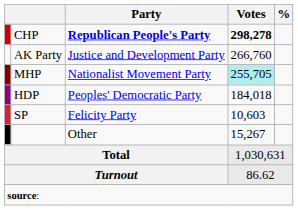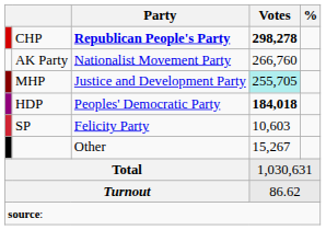 <table class="wikitable">
 <tr>
 <th colspan="2" align="center"></th>
 <th align="center">Party</th>
 <th align="center">Votes</th>
 <th align="center">%</th>
 </tr>
 <tr align="left">
 <td bgcolor="#d50000" width="1"></td>
 <td>CHP</td>
 <td><strong><a href='#'>Republican People's Party</a></strong></td>
 <td><strong>298,278</strong></td>
 <td><strong></strong></td>
 </tr>
 <tr align="left">
 <td></td>
 <td>AK Party</td>
-<td><a href='#'>Justice and Development Party</a></td>
+<td><a href='#'>Nationalist Movement Party</a></td>
 <td>266,760</td>
 <td></td>
 </tr>
 <tr align="left">
 <td bgcolor="#870000" width="1"></td>
 <td>MHP</td>
-<td><a href='#'>Nationalist Movement Party</a></td>
+<td><a href='#'>Justice and Development Party</a></td>
 <td style="background: paleturquoise;">255,705</td>
 <td></td>
 </tr>
 <tr align="left">
 <td bgcolor="#91007B" width="1"></td>
 <td>HDP</td>
 <td><a href='#'>Peoples' Democratic Party</a></td>
-<td>184,018</td>
+<td><strong>184,018</strong></td>
 <td></td>
 </tr>
 <tr align="left">
 <td bgcolor="#D02433" width="1"></td>
 <td>SP</td>
 <td><a href='#'>Felicity Party</a></td>
 <td>10,603</td>
 <td></td>
 </tr>
 <tr align="left">
 <td bgcolor=" " width="1"></td>
 <td></td>
 <td>Other</td>
 <td>15,267</td>
 <td></td>
 </tr>
 <tr align="left" style="background-color:#E9E9E9">
 <th colspan="3" align="center"><strong>Total</strong></th>
 <td colspan="5" align="center">1,030,631</td>
 </tr>
 <tr align="left" style="background-color:#E9E9E9">
 <th colspan="3" align="center"><em>Turnout</em></th>
 <td colspan="5" align="center">86.62</td>
 </tr>
 <tr>
 <td colspan="9" align="left"><small><strong>source</strong>: </small></td>
 </tr>
 </table>
